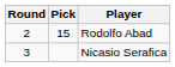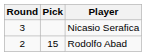 <table class="wikitable sortable sortable">
 <tr>
 <th>Round</th>
 <th>Pick</th>
 <th>Player</th>
 </tr>
 <tr>
+<td align="center">3</td>
+<td align="center"></td>
+<td>Nicasio Serafica</td>
+</tr>
+<tr>
 <td align="center">2</td>
 <td align="center">15</td>
 <td>Rodolfo Abad</td>
 </tr>
-<tr>
-<td align="center">3</td>
-<td align="center"></td>
-<td>Nicasio Serafica</td>
-</tr>
 </table>
